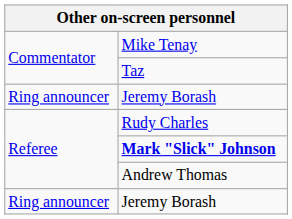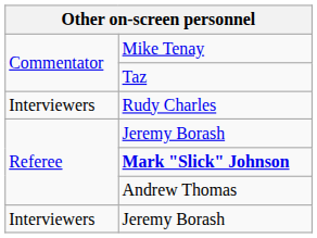 <table align="right" class="wikitable" style="border:1px; font-size:90%; margin-left:1em;">
 <tr>
 <th colspan="2" width="250"><strong>Other on-screen personnel</strong></th>
 </tr>
 <tr>
 <td rowspan=2><a href='#'>Commentator</a></td>
 <td><a href='#'>Mike Tenay</a></td>
 </tr>
 <tr>
 <td><a href='#'>Taz</a></td>
 </tr>
 <tr>
-<td><a href='#'>Ring announcer</a></td>
-<td><a href='#'>Jeremy Borash</a></td>
+<td rowspan=1>Interviewers</td>
+<td><a href='#'>Rudy Charles</a></td>
 </tr>
 <tr>
 <td rowspan=3><a href='#'>Referee</a></td>
-<td><a href='#'>Rudy Charles</a></td>
+<td><a href='#'>Jeremy Borash</a></td>
 </tr>
 <tr>
 <td><strong><a href='#'>Mark "Slick" Johnson</a></strong></td>
 </tr>
 <tr>
 <td>Andrew Thomas</td>
 </tr>
 <tr>
-<td><a href='#'>Ring announcer</a></td>
+<td rowspan=1>Interviewers</td>
 <td>Jeremy Borash</td>
 </tr>
 <tr>
 </tr>
 </table>
